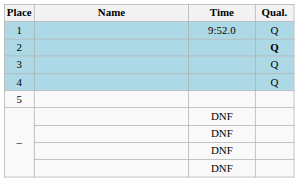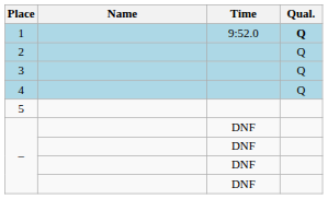 <table class=wikitable style="text-align:center">
 <tr>
 <th width=20>Place</th>
 <th width=220>Name</th>
 <th width=90>Time</th>
 <th width=50>Qual.</th>
 </tr>
 <tr bgcolor=lightblue>
 <td>1</td>
 <td align=left></td>
 <td>9:52.0</td>
-<td>Q</td>
+<td><strong>Q</strong></td>
 </tr>
 <tr bgcolor=lightblue>
 <td>2</td>
 <td align=left></td>
 <td></td>
-<td><strong>Q</strong></td>
+<td>Q</td>
 </tr>
 <tr bgcolor=lightblue>
 <td>3</td>
 <td align=left></td>
 <td></td>
 <td>Q</td>
 </tr>
 <tr bgcolor=lightblue>
 <td>4</td>
 <td align=left></td>
 <td></td>
 <td>Q</td>
 </tr>
 <tr>
 <td>5</td>
 <td align=left></td>
 <td></td>
 <td></td>
 </tr>
 <tr>
 <td rowspan=4>–</td>
 <td align=left></td>
 <td>DNF</td>
 <td></td>
 </tr>
 <tr>
 <td align=left></td>
 <td>DNF</td>
 <td></td>
 </tr>
 <tr>
 <td align=left></td>
 <td>DNF</td>
 <td></td>
 </tr>
 <tr>
 <td align=left></td>
 <td>DNF</td>
 <td></td>
 </tr>
 </table>
